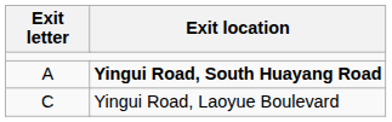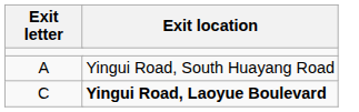 <table class="wikitable">
 <tr>
 <th colspan=2 style="width:70px">Exit letter</th>
 <th>Exit location</th>
 </tr>
 <tr style="background:#">
 <td colspan="4"></td>
 </tr>
 <tr>
 <td colspan=2 align="center">A</td>
-<td><strong>Yingui Road, South Huayang Road</strong></td>
+<td>Yingui Road, South Huayang Road</td>
 </tr>
 <tr>
 <td colspan=2 align="center">C</td>
-<td>Yingui Road, Laoyue Boulevard</td>
+<td><strong>Yingui Road, Laoyue Boulevard</strong></td>
 </tr>
 </table>
